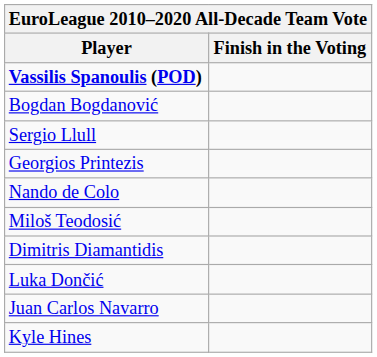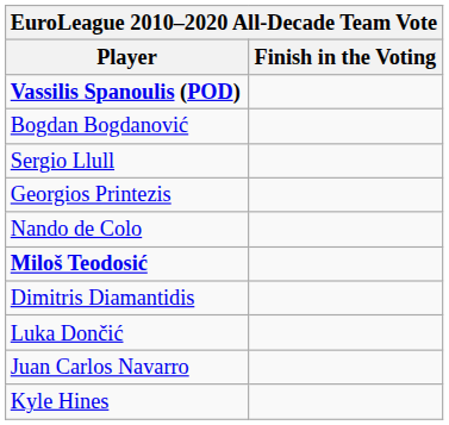 <table class="wikitable sortable" style="text-align:left; ">
 <tr>
 <th colspan="3">EuroLeague 2010–2020 All-Decade Team Vote</th>
 </tr>
 <tr>
 <th>Player</th>
 <th>Finish in the Voting</th>
 </tr>
 <tr>
 <td> <strong><a href='#'>Vassilis Spanoulis</a> (<a href='#'>POD</a>)</strong></td>
 <td></td>
 </tr>
 <tr>
 <td> <a href='#'>Bogdan Bogdanović</a></td>
 <td></td>
 </tr>
 <tr>
 <td> <a href='#'>Sergio Llull</a></td>
 <td></td>
 </tr>
 <tr>
 <td> <a href='#'>Georgios Printezis</a></td>
 <td></td>
 </tr>
 <tr>
 <td> <a href='#'>Nando de Colo</a></td>
 <td></td>
 </tr>
 <tr>
-<td> <a href='#'>Miloš Teodosić</a></td>
+<td><strong> <a href='#'>Miloš Teodosić</a></strong></td>
 <td></td>
 </tr>
 <tr>
 <td> <a href='#'>Dimitris Diamantidis</a></td>
 <td></td>
 </tr>
 <tr>
 <td> <a href='#'>Luka Dončić</a></td>
 <td></td>
 </tr>
 <tr>
 <td> <a href='#'>Juan Carlos Navarro</a></td>
 <td></td>
 </tr>
 <tr>
 <td> <a href='#'>Kyle Hines</a></td>
 <td></td>
 </tr>
 </table>
